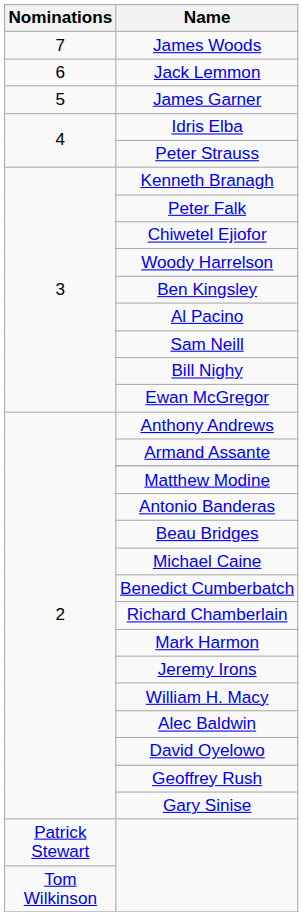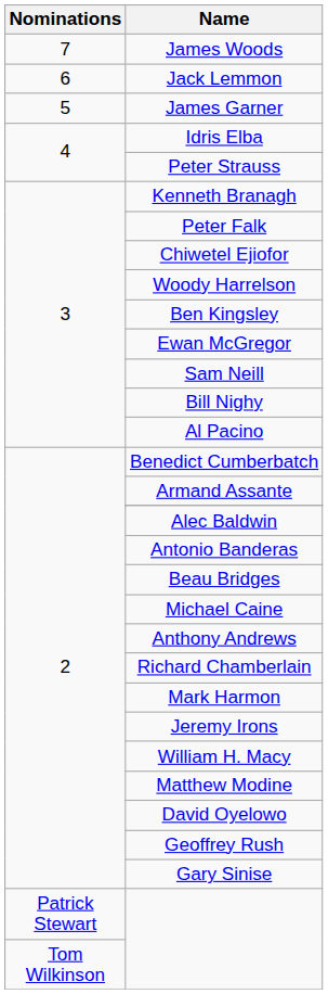 <table class="wikitable sortable" style="text-align: center;">
 <tr>
 <th scope="col" width="55">Nominations</th>
 <th scope="col" align="center">Name</th>
 </tr>
 <tr>
 <td>7</td>
 <td><a href='#'>James Woods</a></td>
 </tr>
 <tr>
 <td>6</td>
 <td><a href='#'>Jack Lemmon</a></td>
 </tr>
 <tr>
 <td>5</td>
 <td><a href='#'>James Garner</a></td>
 </tr>
 <tr>
 <td rowspan="2">4</td>
 <td><a href='#'>Idris Elba</a></td>
 </tr>
 <tr>
 <td><a href='#'>Peter Strauss</a></td>
 </tr>
 <tr>
 <td rowspan="9">3</td>
 <td><a href='#'>Kenneth Branagh</a></td>
 </tr>
 <tr>
 <td><a href='#'>Peter Falk</a></td>
 </tr>
 <tr>
 <td><a href='#'>Chiwetel Ejiofor</a></td>
 </tr>
 <tr>
 <td><a href='#'>Woody Harrelson</a></td>
 </tr>
 <tr>
 <td><a href='#'>Ben Kingsley</a></td>
 </tr>
 <tr>
-<td><a href='#'>Al Pacino</a></td>
+<td><a href='#'>Ewan McGregor</a></td>
 </tr>
 <tr>
 <td><a href='#'>Sam Neill</a></td>
 </tr>
 <tr>
 <td><a href='#'>Bill Nighy</a></td>
 </tr>
 <tr>
-<td><a href='#'>Ewan McGregor</a></td>
+<td><a href='#'>Al Pacino</a></td>
 </tr>
 <tr>
 <td rowspan="17">2</td>
-<td><a href='#'>Anthony Andrews</a></td>
+<td><a href='#'>Benedict Cumberbatch</a></td>
 </tr>
 <tr>
 <td><a href='#'>Armand Assante</a></td>
 </tr>
 <tr>
 </tr>
 <tr>
 </tr>
 <tr>
-<td><a href='#'>Matthew Modine</a></td>
+<td><a href='#'>Alec Baldwin</a></td>
 </tr>
 <tr>
 <td><a href='#'>Antonio Banderas</a></td>
 </tr>
 <tr>
 <td><a href='#'>Beau Bridges</a></td>
 </tr>
 <tr>
 <td><a href='#'>Michael Caine</a></td>
 </tr>
 <tr>
-<td><a href='#'>Benedict Cumberbatch</a></td>
+<td><a href='#'>Anthony Andrews</a></td>
 </tr>
 <tr>
 <td><a href='#'>Richard Chamberlain</a></td>
 </tr>
 <tr>
 <td><a href='#'>Mark Harmon</a></td>
 </tr>
 <tr>
 <td><a href='#'>Jeremy Irons</a></td>
 </tr>
 <tr>
 <td><a href='#'>William H. Macy</a></td>
 </tr>
 <tr>
-<td><a href='#'>Alec Baldwin</a></td>
+<td><a href='#'>Matthew Modine</a></td>
 </tr>
 <tr>
 <td><a href='#'>David Oyelowo</a></td>
 </tr>
 <tr>
 <td><a href='#'>Geoffrey Rush</a></td>
 </tr>
 <tr>
 <td><a href='#'>Gary Sinise</a></td>
 </tr>
 <tr>
 <td><a href='#'>Patrick Stewart</a></td>
 </tr>
 <tr>
 <td><a href='#'>Tom Wilkinson</a></td>
 </tr>
 </table>
